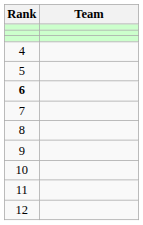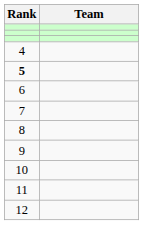 <table class=wikitable style="text-align:center;">
 <tr>
 <th>Rank</th>
 <th width=120>Team</th>
 </tr>
 <tr bgcolor=#CCFFCC>
 <td></td>
 <td align=left></td>
 </tr>
 <tr bgcolor=#CCFFCC>
 <td></td>
 <td align=left></td>
 </tr>
 <tr bgcolor=#CCFFCC>
 <td></td>
 <td align=left></td>
 </tr>
 <tr>
 <td>4</td>
 <td align=left></td>
 </tr>
 <tr>
-<td>5</td>
+<td><strong>5</strong></td>
 <td align=left></td>
 </tr>
 <tr>
-<td><strong>6</strong></td>
+<td>6</td>
 <td align=left></td>
 </tr>
 <tr>
 <td>7</td>
 <td align=left></td>
 </tr>
 <tr>
 <td>8</td>
 <td align=left></td>
 </tr>
 <tr>
 <td>9</td>
 <td align=left></td>
 </tr>
 <tr>
 <td>10</td>
 <td align=left></td>
 </tr>
 <tr>
 <td>11</td>
 <td align=left></td>
 </tr>
 <tr>
 <td>12</td>
 <td align=left></td>
 </tr>
 </table>
